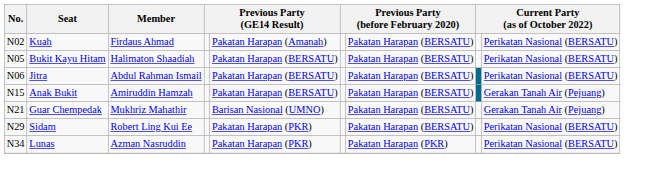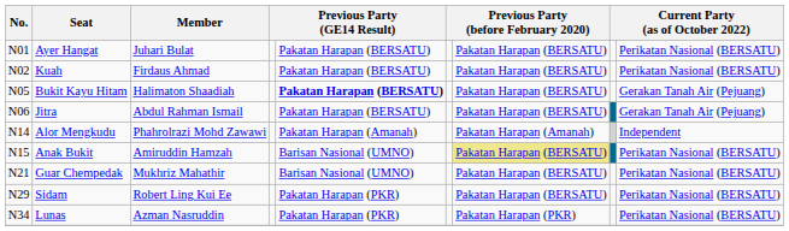 <table class="wikitable sortable mw-collapsible mw-collapsed" style="font-size:95%;">
 <tr>
 <th scope="col">No.</th>
 <th scope="col">Seat</th>
 <th scope="col">Member</th>
 <th colspan="2" scope="col">Previous Party<br>(GE14 Result)</th>
 <th colspan="2" scope="col">Previous Party<br>(before February 2020)</th>
 <th colspan="2" scope="col">Current Party<br>(as of October 2022)</th>
 </tr>
 <tr>
+<td>N01</td>
+<td><a href='#'>Ayer Hangat</a></td>
+<td><a href='#'>Juhari Bulat</a></td>
+<td width="1"></td>
+<td><a href='#'>Pakatan Harapan</a> (<a href='#'>BERSATU</a>)</td>
+<td width="1"></td>
+<td><a href='#'>Pakatan Harapan</a> (<a href='#'>BERSATU</a>)</td>
+<td width="1"></td>
+<td><a href='#'>Perikatan Nasional</a> (<a href='#'>BERSATU</a>)</td>
+</tr>
+<tr>
 <td>N02</td>
 <td><a href='#'>Kuah</a></td>
 <td><a href='#'>Firdaus Ahmad</a></td>
 <td width="1"></td>
-<td><a href='#'>Pakatan Harapan</a> (<a href='#'>Amanah</a>)</td>
+<td><a href='#'>Pakatan Harapan</a> (<a href='#'>BERSATU</a>)</td>
 <td width="1"></td>
 <td><a href='#'>Pakatan Harapan</a> (<a href='#'>BERSATU</a>)</td>
 <td width="1"></td>
 <td><a href='#'>Perikatan Nasional</a> (<a href='#'>BERSATU</a>)</td>
 </tr>
 <tr>
 <td>N05</td>
 <td><a href='#'>Bukit Kayu Hitam</a></td>
 <td><a href='#'>Halimaton Shaadiah</a></td>
 <td width="1"></td>
-<td><a href='#'>Pakatan Harapan</a> (<a href='#'>BERSATU</a>)</td>
+<td><strong><a href='#'>Pakatan Harapan</a> (<a href='#'>BERSATU</a>)</strong></td>
 <td width="1"></td>
 <td><a href='#'>Pakatan Harapan</a> (<a href='#'>BERSATU</a>)</td>
 <td width="1"></td>
-<td><a href='#'>Perikatan Nasional</a> (<a href='#'>BERSATU</a>)</td>
+<td><a href='#'>Gerakan Tanah Air</a> (<a href='#'>Pejuang</a>)</td>
 </tr>
 <tr>
 <td>N06</td>
 <td><a href='#'>Jitra</a></td>
 <td><a href='#'>Abdul Rahman Ismail</a></td>
 <td width="1"></td>
 <td><a href='#'>Pakatan Harapan</a> (<a href='#'>BERSATU</a>)</td>
 <td width="1"></td>
 <td><a href='#'>Pakatan Harapan</a> (<a href='#'>BERSATU</a>)</td>
 <td width="1" bgcolor="#006a8e"></td>
-<td><a href='#'>Perikatan Nasional</a> (<a href='#'>BERSATU</a>)</td>
+<td><a href='#'>Gerakan Tanah Air</a> (<a href='#'>Pejuang</a>)</td>
+</tr>
+<tr>
+<td>N14</td>
+<td><a href='#'>Alor Mengkudu</a></td>
+<td><a href='#'>Phahrolrazi Mohd Zawawi</a></td>
+<td width="1"></td>
+<td><a href='#'>Pakatan Harapan</a> (<a href='#'>Amanah</a>)</td>
+<td width="1"></td>
+<td><a href='#'>Pakatan Harapan</a> (<a href='#'>Amanah</a>)</td>
+<td width="1" bgcolor="#d3d3d3"></td>
+<td><a href='#'>Independent</a></td>
 </tr>
 <tr>
 <td>N15</td>
 <td><a href='#'>Anak Bukit</a></td>
 <td><a href='#'>Amiruddin Hamzah</a></td>
 <td width="1"></td>
-<td><a href='#'>Pakatan Harapan</a> (<a href='#'>BERSATU</a>)</td>
+<td><a href='#'>Barisan Nasional</a> (<a href='#'>UMNO</a>)</td>
 <td width="1"></td>
-<td><a href='#'>Pakatan Harapan</a> (<a href='#'>BERSATU</a>)</td>
+<td style="background: khaki;"><a href='#'>Pakatan Harapan</a> (<a href='#'>BERSATU</a>)</td>
 <td width="1" bgcolor="#006a8e"></td>
-<td><a href='#'>Gerakan Tanah Air</a> (<a href='#'>Pejuang</a>)</td>
+<td><a href='#'>Perikatan Nasional</a> (<a href='#'>BERSATU</a>)</td>
 </tr>
 <tr>
 <td>N21</td>
 <td><a href='#'>Guar Chempedak</a></td>
 <td><a href='#'>Mukhriz Mahathir</a></td>
 <td width="1"></td>
 <td><a href='#'>Barisan Nasional</a> (<a href='#'>UMNO</a>)</td>
 <td width="1"></td>
 <td><a href='#'>Pakatan Harapan</a> (<a href='#'>BERSATU</a>)</td>
 <td width="1"></td>
-<td><a href='#'>Gerakan Tanah Air</a> (<a href='#'>Pejuang</a>)</td>
+<td><a href='#'>Perikatan Nasional</a> (<a href='#'>BERSATU</a>)</td>
 </tr>
 <tr>
 <td>N29</td>
 <td><a href='#'>Sidam</a></td>
 <td><a href='#'>Robert Ling Kui Ee</a></td>
 <td width="1"></td>
 <td><a href='#'>Pakatan Harapan</a> (<a href='#'>PKR</a>)</td>
 <td width="1"></td>
 <td><a href='#'>Pakatan Harapan</a> (<a href='#'>BERSATU</a>)</td>
 <td width="1"></td>
 <td><a href='#'>Perikatan Nasional</a> (<a href='#'>BERSATU</a>)</td>
 </tr>
 <tr>
 <td>N34</td>
 <td><a href='#'>Lunas</a></td>
 <td><a href='#'>Azman Nasruddin</a></td>
 <td width="1"></td>
 <td><a href='#'>Pakatan Harapan</a> (<a href='#'>PKR</a>)</td>
 <td width="1"></td>
 <td><a href='#'>Pakatan Harapan</a> (<a href='#'>PKR</a>)</td>
 <td width="1"></td>
 <td><a href='#'>Perikatan Nasional</a> (<a href='#'>BERSATU</a>)</td>
 </tr>
 <tr>
 </tr>
 </table>
